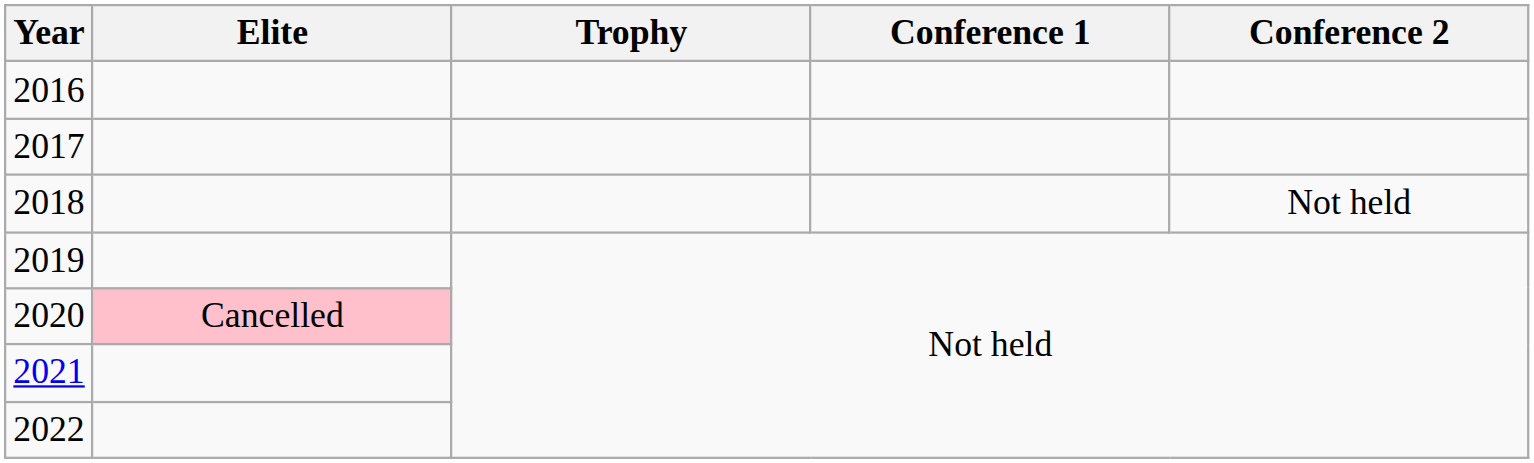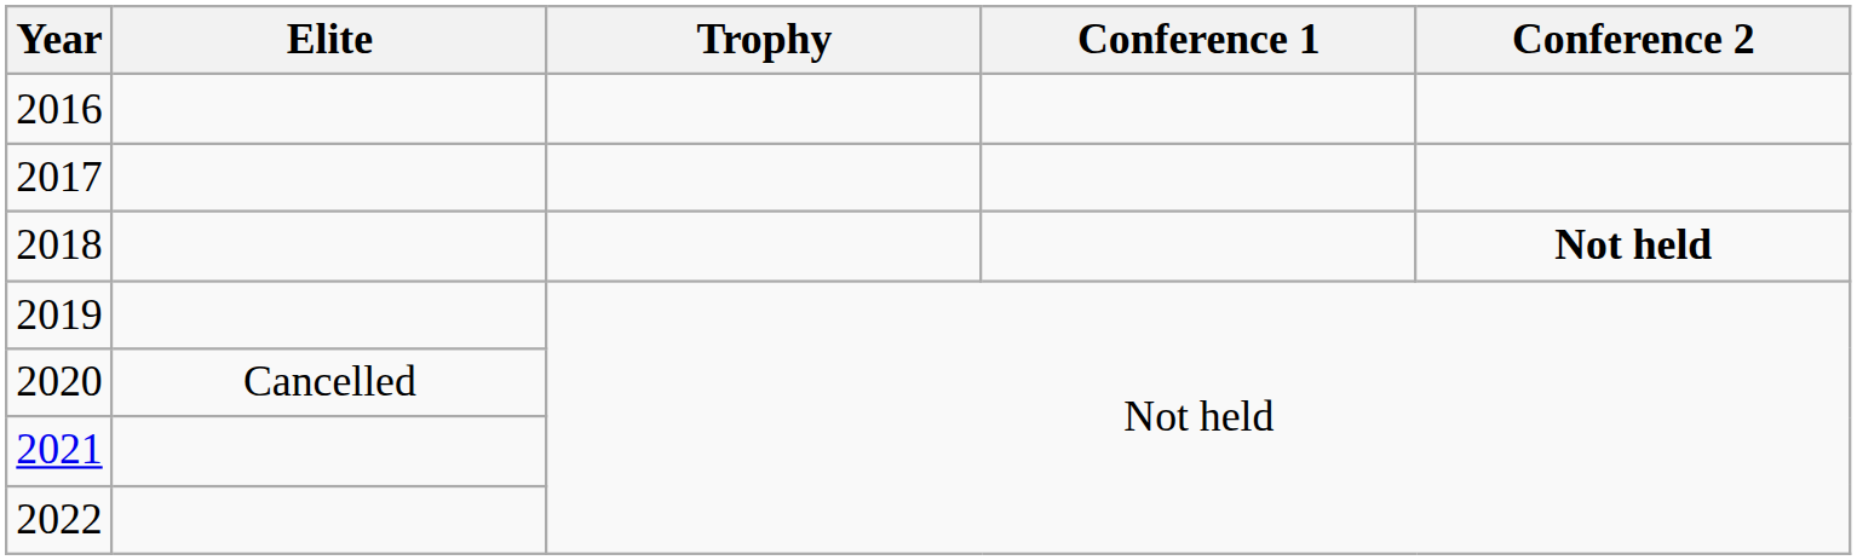 <table class="wikitable" style="text-align: center;">
 <tr>
 <th>Year</th>
 <th style="width:9.6em;">Elite</th>
 <th style="width:9.6em;">Trophy</th>
 <th style="width:9.6em;">Conference 1</th>
 <th style="width:9.6em;">Conference 2</th>
 </tr>
 <tr>
 <td>2016</td>
 <td></td>
 <td></td>
 <td></td>
 <td></td>
 </tr>
 <tr>
 <td>2017</td>
 <td></td>
 <td></td>
 <td></td>
 <td></td>
 </tr>
 <tr>
 <td>2018</td>
 <td></td>
 <td></td>
 <td></td>
-<td style="text-align: center;">Not held</td>
+<td style="text-align: center;"><strong>Not held</strong></td>
 </tr>
 <tr>
 <td>2019</td>
 <td></td>
 <td colspan="3" rowspan="4" style="text-align: center; ">Not held</td>
 </tr>
 <tr>
 <td>2020</td>
-<td style="background: pink;">Cancelled</td>
+<td>Cancelled</td>
 </tr>
 <tr>
 <td><a href='#'>2021</a></td>
 <td></td>
 </tr>
 <tr>
 <td>2022</td>
 <td></td>
 </tr>
 </table>
